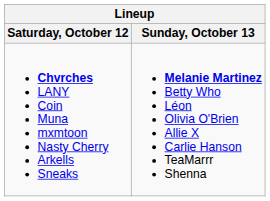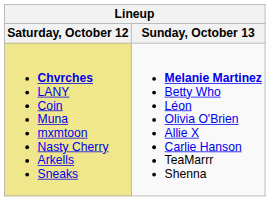 <table class="wikitable">
 <tr>
 <th colspan="3">Lineup</th>
 </tr>
 <tr>
 <th>Saturday, October 12</th>
 <th>Sunday, October 13</th>
 </tr>
 <tr valign="top">
-<td><br><ul><li><strong><a href='#'>Chvrches</a></strong></li><li><a href='#'>LANY</a></li><li><a href='#'>Coin</a></li><li><a href='#'>Muna</a></li><li><a href='#'>mxmtoon</a></li><li><a href='#'>Nasty Cherry</a></li><li><a href='#'>Arkells</a></li><li><a href='#'>Sneaks</a></li></ul></td>
+<td style="background: khaki;"><br><ul><li><strong><a href='#'>Chvrches</a></strong></li><li><a href='#'>LANY</a></li><li><a href='#'>Coin</a></li><li><a href='#'>Muna</a></li><li><a href='#'>mxmtoon</a></li><li><a href='#'>Nasty Cherry</a></li><li><a href='#'>Arkells</a></li><li><a href='#'>Sneaks</a></li></ul></td>
 <td><br><ul><li><strong><a href='#'>Melanie Martinez</a></strong></li><li><a href='#'>Betty Who</a></li><li><a href='#'>Léon</a></li><li><a href='#'>Olivia O'Brien</a></li><li><a href='#'>Allie X</a></li><li><a href='#'>Carlie Hanson</a></li><li>TeaMarrr</li><li>Shenna</li></ul></td>
 </tr>
 </table>
